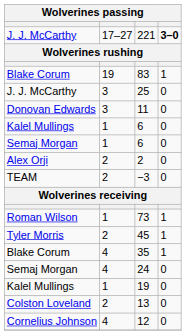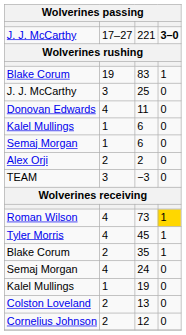 <table class="wikitable plainrowheaders">
 <tr>
 <th colspan="6">Wolverines passing</th>
 </tr>
 <tr>
 <th scope="col"></th>
 <th scope="col"></th>
 <th scope="col"></th>
 <th scope="col"></th>
 </tr>
 <tr>
 <td><a href='#'>J. J. McCarthy</a></td>
 <td>17–27</td>
 <td>221</td>
 <td><strong>3–0</strong></td>
 </tr>
 <tr>
 <th colspan="6">Wolverines rushing</th>
 </tr>
 <tr>
 <th scope="col"></th>
 <th scope="col"></th>
 <th scope="col"></th>
 <th scope="col"></th>
 </tr>
 <tr>
 <td><a href='#'>Blake Corum</a></td>
 <td>19</td>
 <td>83</td>
 <td>1</td>
 </tr>
 <tr>
 <td>J. J. McCarthy</td>
 <td>3</td>
 <td>25</td>
 <td>0</td>
 </tr>
 <tr>
 <td><a href='#'>Donovan Edwards</a></td>
-<td>3</td>
+<td>4</td>
 <td>11</td>
 <td>0</td>
 </tr>
 <tr>
 <td><a href='#'>Kalel Mullings</a></td>
 <td>1</td>
 <td>6</td>
 <td>0</td>
 </tr>
 <tr>
 <td><a href='#'>Semaj Morgan</a></td>
 <td>1</td>
 <td>6</td>
 <td>0</td>
 </tr>
 <tr>
 <td><a href='#'>Alex Orji</a></td>
 <td>2</td>
 <td>2</td>
 <td>0</td>
 </tr>
 <tr>
 <td>TEAM</td>
-<td>2</td>
+<td>3</td>
 <td>−3</td>
 <td>0</td>
 </tr>
 <tr>
 <th colspan="6">Wolverines receiving</th>
 </tr>
 <tr>
 <th scope="col"></th>
 <th scope="col"></th>
 <th scope="col"></th>
 <th scope="col"></th>
 </tr>
 <tr>
 <td><a href='#'>Roman Wilson</a></td>
-<td>1</td>
+<td>4</td>
 <td>73</td>
-<td>1</td>
+<td style="background: gold;">1</td>
 </tr>
 <tr>
 <td><a href='#'>Tyler Morris</a></td>
-<td>2</td>
+<td>4</td>
 <td>45</td>
 <td>1</td>
 </tr>
 <tr>
 <td>Blake Corum</td>
-<td>4</td>
+<td>2</td>
 <td>35</td>
 <td>1</td>
 </tr>
 <tr>
 <td>Semaj Morgan</td>
 <td>4</td>
 <td>24</td>
 <td>0</td>
 </tr>
 <tr>
 <td>Kalel Mullings</td>
 <td>1</td>
 <td>19</td>
 <td>0</td>
 </tr>
 <tr>
 <td><a href='#'>Colston Loveland</a></td>
 <td>2</td>
 <td>13</td>
 <td>0</td>
 </tr>
 <tr>
 <td><a href='#'>Cornelius Johnson</a></td>
-<td>4</td>
+<td>2</td>
 <td>12</td>
 <td>0</td>
 </tr>
 <tr>
 </tr>
 </table>
